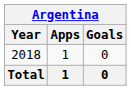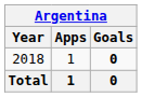 <table class="wikitable" style="text-align:center">
 <tr>
 <th colspan=3><a href='#'>Argentina</a></th>
 </tr>
 <tr>
 <th>Year</th>
 <th>Apps</th>
 <th>Goals</th>
 </tr>
 <tr>
 <td>2018</td>
 <td>1</td>
-<td>0</td>
+<td><strong>0</strong></td>
 </tr>
 <tr>
 <th>Total</th>
 <th>1</th>
 <th>0</th>
 </tr>
 </table>
